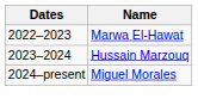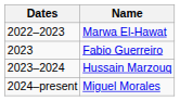 <table class="wikitable">
 <tr>
 <th>Dates</th>
 <th>Name</th>
 </tr>
 <tr>
 <td>2022–2023</td>
 <td> <a href='#'>Marwa El-Hawat</a></td>
 </tr>
 <tr>
+<td>2023</td>
+<td> <a href='#'>Fabio Guerreiro</a></td>
+</tr>
+<tr>
 <td>2023–2024</td>
 <td> <a href='#'>Hussain Marzouq</a></td>
 </tr>
 <tr>
 <td>2024–present</td>
 <td> <a href='#'>Miguel Morales</a></td>
 </tr>
 </table>
